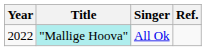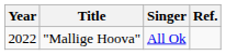 <table class="wikitable sortable">
 <tr>
 <th>Year</th>
 <th>Title</th>
 <th>Singer</th>
 <th class="unsortable">Ref.</th>
 </tr>
 <tr>
 <td>2022</td>
-<td style="background: paleturquoise;">"Mallige Hoova"</td>
+<td>"Mallige Hoova"</td>
 <td><a href='#'>All Ok</a></td>
 <td></td>
 </tr>
 </table>
